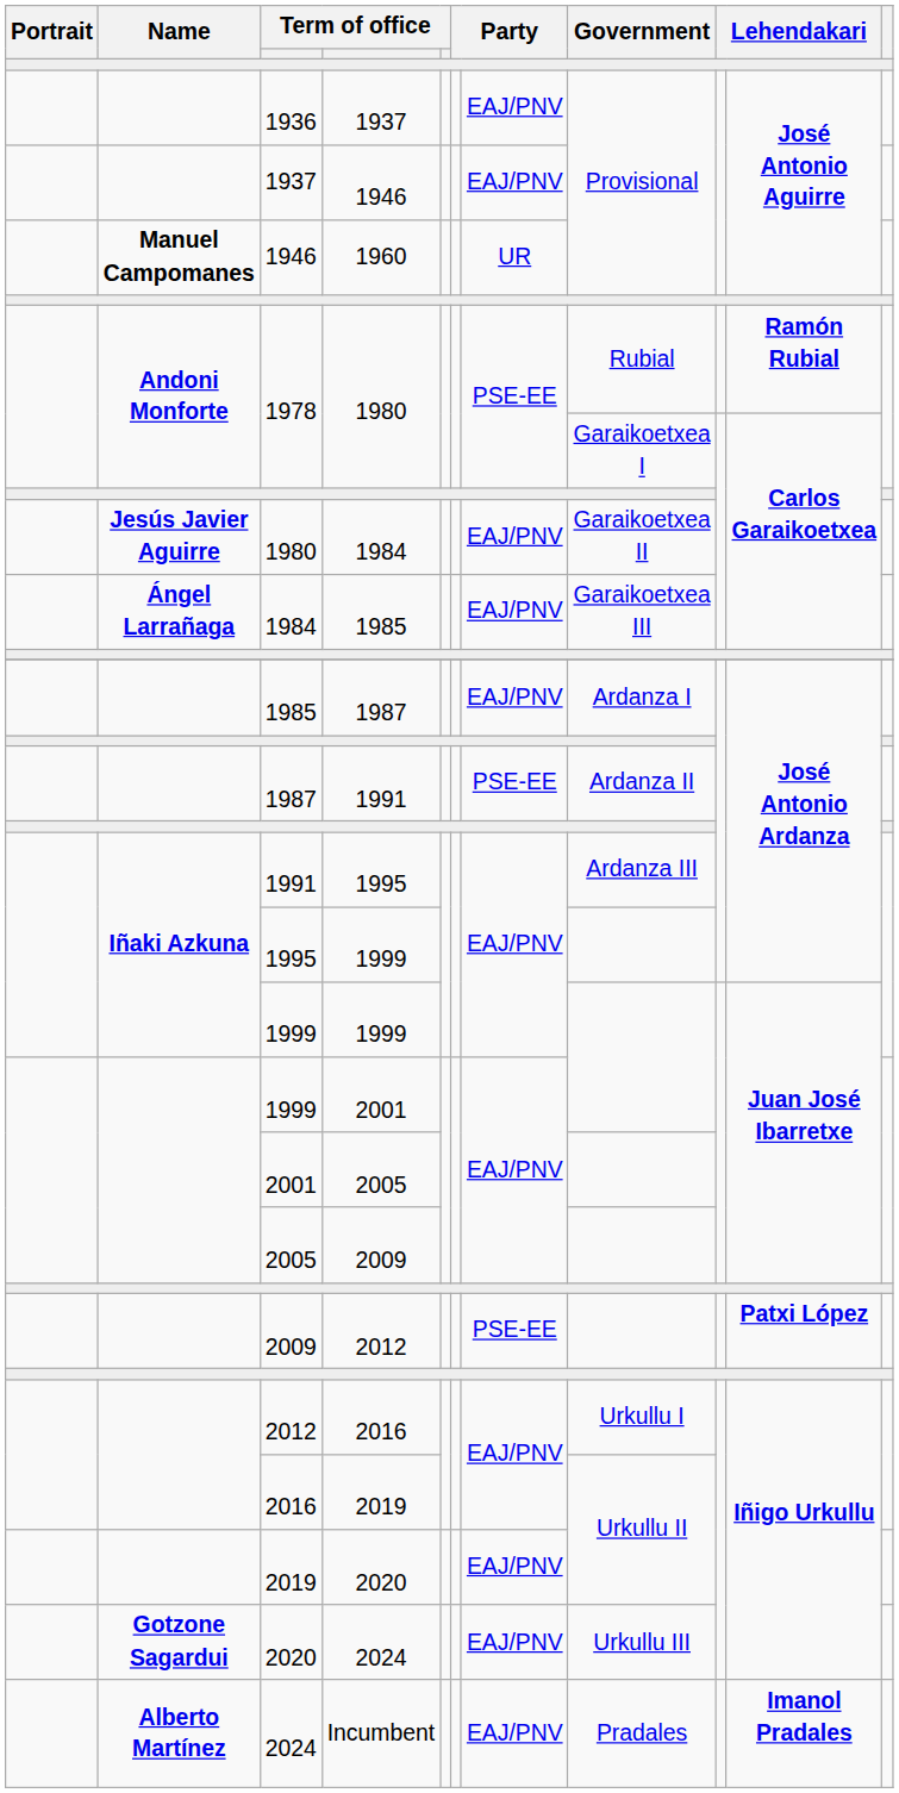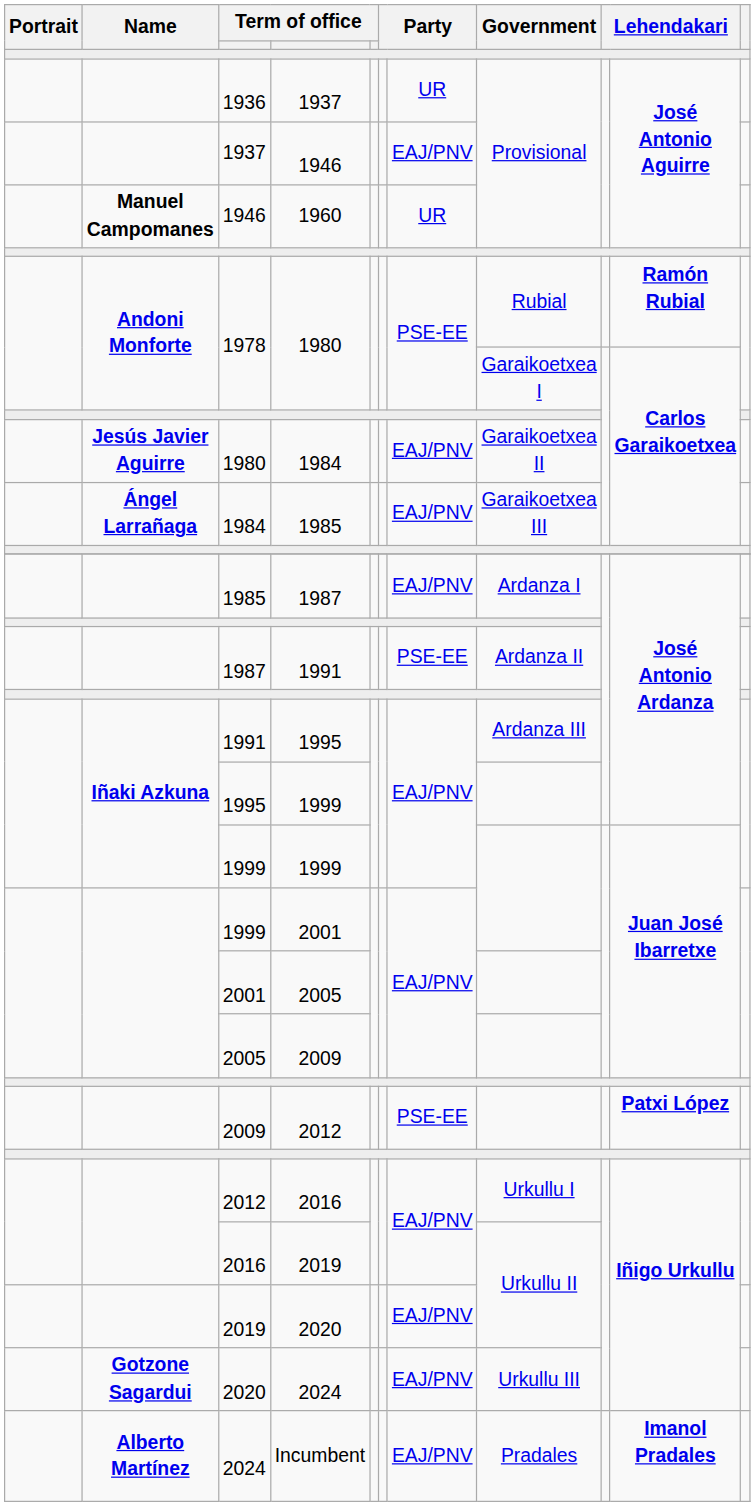 <table class="wikitable" style="line-height:1.4em; text-align:center; border:1px #aaf solid;">
 <tr>
 <th rowspan="2" width="65">Portrait</th>
 <th rowspan="2" width="210">Name<br></th>
 <th colspan="3">Term of office</th>
 <th rowspan="2" colspan="2" width="90">Party</th>
 <th rowspan="2">Government</th>
 <th rowspan="2" colspan="2"><a href='#'>Lehendakari</a><br></th>
 <th rowspan="2"></th>
 </tr>
 <tr>
 <th width="85"></th>
 <th width="85"></th>
 <th width="85"></th>
 </tr>
 <tr>
 <td colspan="11" style="background:#EEEEEE;"></td>
 </tr>
 <tr>
 <td></td>
 <td><strong></strong><br></td>
 <td class="nowrap"><br>1936</td>
 <td class="nowrap"><br>1937</td>
 <td></td>
 <td style="color:inherit;background:"></td>
-<td><a href='#'>EAJ/PNV</a></td>
+<td><a href='#'>UR</a></td>
 <td rowspan="3"><a href='#'>Provisional</a></td>
 <td rowspan="3" style="color:inherit;background:"></td>
 <td rowspan="3"><strong><a href='#'>José Antonio Aguirre</a></strong><br><br></td>
 <td align="center"><br></td>
 </tr>
 <tr>
 <td></td>
 <td><strong></strong><br></td>
 <td class="nowrap">1937</td>
 <td class="nowrap"><br>1946</td>
 <td></td>
 <td style="color:inherit;background:"></td>
 <td><a href='#'>EAJ/PNV</a></td>
 <td align="center"></td>
 </tr>
 <tr>
 <td></td>
 <td><strong>Manuel Campomanes</strong><br></td>
 <td class="nowrap">1946</td>
 <td class="nowrap">1960</td>
 <td></td>
 <td style="color:inherit;background:"></td>
 <td><a href='#'>UR</a></td>
 <td align="center"></td>
 </tr>
 <tr>
 <td colspan="11" style="background:#EEEEEE;"></td>
 </tr>
 <tr>
 <td rowspan="2"></td>
 <td rowspan="2"><strong><a href='#'>Andoni Monforte</a></strong><br></td>
 <td rowspan ="2" class="nowrap"><br>1978</td>
 <td rowspan ="2" class="nowrap"><br>1980</td>
 <td rowspan="2"></td>
 <td rowspan="2" style="color:inherit;background:"></td>
 <td rowspan="2"><a href='#'>PSE-EE</a></td>
 <td><a href='#'>Rubial</a></td>
 <td style="color:inherit;background:"></td>
 <td><strong><a href='#'>Ramón Rubial</a></strong><br><br></td>
 <td align="center" rowspan="2"></td>
 </tr>
 <tr>
 <td><a href='#'>Garaikoetxea I</a></td>
 <td rowspan="4" style="color:inherit;background:"></td>
 <td rowspan="4"><strong><a href='#'>Carlos Garaikoetxea</a></strong><br><br></td>
 </tr>
 <tr>
 <td colspan="8" style="background:#EEEEEE;"></td>
 <td style="background:#EEEEEE;"></td>
 </tr>
 <tr>
 <td></td>
 <td><strong><a href='#'>Jesús Javier Aguirre</a></strong><br></td>
 <td class="nowrap"><br>1980</td>
 <td class="nowrap"><br>1984</td>
 <td></td>
 <td style="color:inherit;background:"></td>
 <td><a href='#'>EAJ/PNV</a></td>
 <td><a href='#'>Garaikoetxea II</a></td>
 <td align="center"></td>
 </tr>
 <tr>
 <td></td>
 <td><strong><a href='#'>Ángel Larrañaga</a></strong><br></td>
 <td class="nowrap"><br>1984</td>
 <td class="nowrap"><br>1985</td>
 <td></td>
 <td style="color:inherit;background:"></td>
 <td><a href='#'>EAJ/PNV</a></td>
 <td><a href='#'>Garaikoetxea III</a></td>
 <td align="center"><br></td>
 </tr>
 <tr>
 <td colspan="11" style="background:#EEEEEE;"></td>
 </tr>
 <tr>
 </tr>
 <tr>
 <td></td>
 <td><strong></strong><br></td>
 <td class="nowrap"><br>1985</td>
 <td class="nowrap"><br>1987</td>
 <td></td>
 <td style="color:inherit;background:"></td>
 <td><a href='#'>EAJ/PNV</a></td>
 <td><a href='#'>Ardanza I</a></td>
 <td rowspan="6" style="color:inherit;background:"></td>
 <td rowspan="6"><strong><a href='#'>José Antonio Ardanza</a></strong><br><br></td>
 <td align="center"><br></td>
 </tr>
 <tr>
 <td colspan="8" style="background:#EEEEEE;"></td>
 <td style="background:#EEEEEE;"></td>
 </tr>
 <tr>
 <td></td>
 <td><strong></strong><br></td>
 <td class="nowrap"><br>1987</td>
 <td class="nowrap"><br>1991</td>
 <td></td>
 <td style="color:inherit;background:"></td>
 <td><a href='#'>PSE-EE</a></td>
 <td><a href='#'>Ardanza II</a></td>
 <td align="center"><br></td>
 </tr>
 <tr>
 <td colspan="8" style="background:#EEEEEE;"></td>
 <td style="background:#EEEEEE;"></td>
 </tr>
 <tr>
 <td rowspan="3"></td>
 <td rowspan="3"><strong><a href='#'>Iñaki Azkuna</a></strong><br></td>
 <td class="nowrap"><br>1991</td>
 <td class="nowrap"><br>1995</td>
 <td rowspan="3"></td>
 <td rowspan="3" style="color:inherit;background:"></td>
 <td rowspan="3"><a href='#'>EAJ/PNV</a></td>
 <td><a href='#'>Ardanza III</a></td>
 <td rowspan="3" align="center"><br><br><br><br><br></td>
 </tr>
 <tr>
 <td class="nowrap"><br>1995</td>
 <td class="nowrap"><br>1999</td>
 <td></td>
 </tr>
 <tr>
 <td class="nowrap"><br>1999</td>
 <td class="nowrap"><br>1999</td>
 <td rowspan="2"></td>
 <td rowspan="4" style="color:inherit;background:"></td>
 <td rowspan="4"><strong><a href='#'>Juan José Ibarretxe</a></strong><br><br></td>
 </tr>
 <tr>
 <td rowspan="3"></td>
 <td rowspan="3"><strong></strong><br></td>
 <td class="nowrap"><br>1999</td>
 <td class="nowrap"><br>2001</td>
 <td rowspan="3"></td>
 <td rowspan="3" style="color:inherit;background:"></td>
 <td rowspan="3"><a href='#'>EAJ/PNV</a></td>
 <td rowspan="3" align="center"><br><br><br><br><br></td>
 </tr>
 <tr>
 <td class="nowrap"><br>2001</td>
 <td class="nowrap"><br>2005</td>
 <td></td>
 </tr>
 <tr>
 <td class="nowrap"><br>2005</td>
 <td class="nowrap"><br>2009</td>
 <td></td>
 </tr>
 <tr>
 <td colspan="11" style="background:#EEEEEE;"></td>
 </tr>
 <tr>
 <td></td>
 <td><strong></strong><br></td>
 <td class="nowrap"><br>2009</td>
 <td class="nowrap"><br>2012</td>
 <td></td>
 <td style="color:inherit;background:"></td>
 <td><a href='#'>PSE-EE</a></td>
 <td></td>
 <td style="color:inherit;background:"></td>
 <td><strong><a href='#'>Patxi López</a></strong><br><br></td>
 <td align="center"><br></td>
 </tr>
 <tr>
 <td colspan="11" style="background:#EEEEEE;"></td>
 </tr>
 <tr>
 <td rowspan="2"></td>
 <td rowspan="2"><strong></strong><br></td>
 <td class="nowrap"><br>2012</td>
 <td class="nowrap"><br>2016</td>
 <td rowspan="2"></td>
 <td rowspan="2" style="color:inherit;background:"></td>
 <td rowspan="2"><a href='#'>EAJ/PNV</a></td>
 <td><a href='#'>Urkullu I</a></td>
 <td rowspan="4" style="color:inherit;background:"></td>
 <td rowspan="4"><strong><a href='#'>Iñigo Urkullu</a></strong><br><br></td>
 <td rowspan="2" align="center"><br><br></td>
 </tr>
 <tr>
 <td class="nowrap"><br>2016</td>
 <td class="nowrap"><br>2019</td>
 <td rowspan="2"><a href='#'>Urkullu II</a></td>
 </tr>
 <tr>
 <td></td>
 <td><strong></strong><br></td>
 <td class="nowrap"><br>2019</td>
 <td class="nowrap"><br>2020</td>
 <td></td>
 <td style="color:inherit;background:"></td>
 <td><a href='#'>EAJ/PNV</a></td>
 <td><br></td>
 </tr>
 <tr>
 <td></td>
 <td><strong><a href='#'>Gotzone Sagardui</a></strong><br></td>
 <td class="nowrap"><br>2020</td>
 <td class="nowrap"><br>2024</td>
 <td></td>
 <td style="color:inherit;background:"></td>
 <td><a href='#'>EAJ/PNV</a></td>
 <td><a href='#'>Urkullu III</a></td>
 <td><br></td>
 </tr>
 <tr>
 <td></td>
 <td><strong><a href='#'>Alberto Martínez</a></strong><br></td>
 <td class="nowrap"><br>2024</td>
 <td class="nowrap">Incumbent</td>
 <td></td>
 <td style="color:inherit;background:"></td>
 <td><a href='#'>EAJ/PNV</a></td>
 <td><a href='#'>Pradales</a></td>
 <td style="color:inherit;background:"></td>
 <td><strong><a href='#'>Imanol Pradales</a></strong><br><br></td>
 <td align="center"></td>
 </tr>
 </table>
